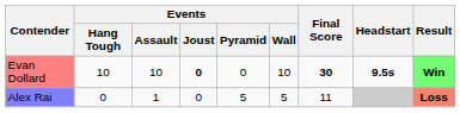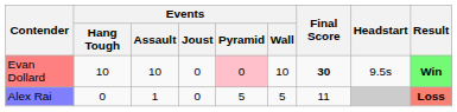 <table class="wikitable" style="text-align:center;">
 <tr>
 <th rowspan=2>Contender</th>
 <th colspan=5>Events</th>
 <th rowspan=2>Final Score</th>
 <th rowspan=2>Headstart</th>
 <th rowspan=2>Result</th>
 </tr>
 <tr>
 <th>Hang Tough</th>
 <th>Assault</th>
 <th>Joust</th>
 <th>Pyramid</th>
 <th>Wall</th>
 </tr>
 <tr>
 <td bgcolor=#ff8080 style="text-align:left;">Evan Dollard</td>
 <td>10</td>
 <td>10</td>
-<td><strong>0</strong></td>
 <td>0</td>
+<td style="background: pink;">0</td>
 <td>10</td>
 <td><strong>30</strong></td>
-<td><strong>9.5s</strong></td>
+<td>9.5s</td>
 <td style="text-align:center; background:#73fb76;"><strong>Win</strong></td>
 </tr>
 <tr>
 <td bgcolor=#8080ff style="text-align:left;">Alex Rai</td>
 <td>0</td>
 <td>1</td>
 <td>0</td>
 <td>5</td>
 <td>5</td>
 <td>11</td>
 <td style="background:#ccc"></td>
 <td style="text-align:center; background:salmon;"><strong>Loss</strong></td>
 </tr>
 </table>
